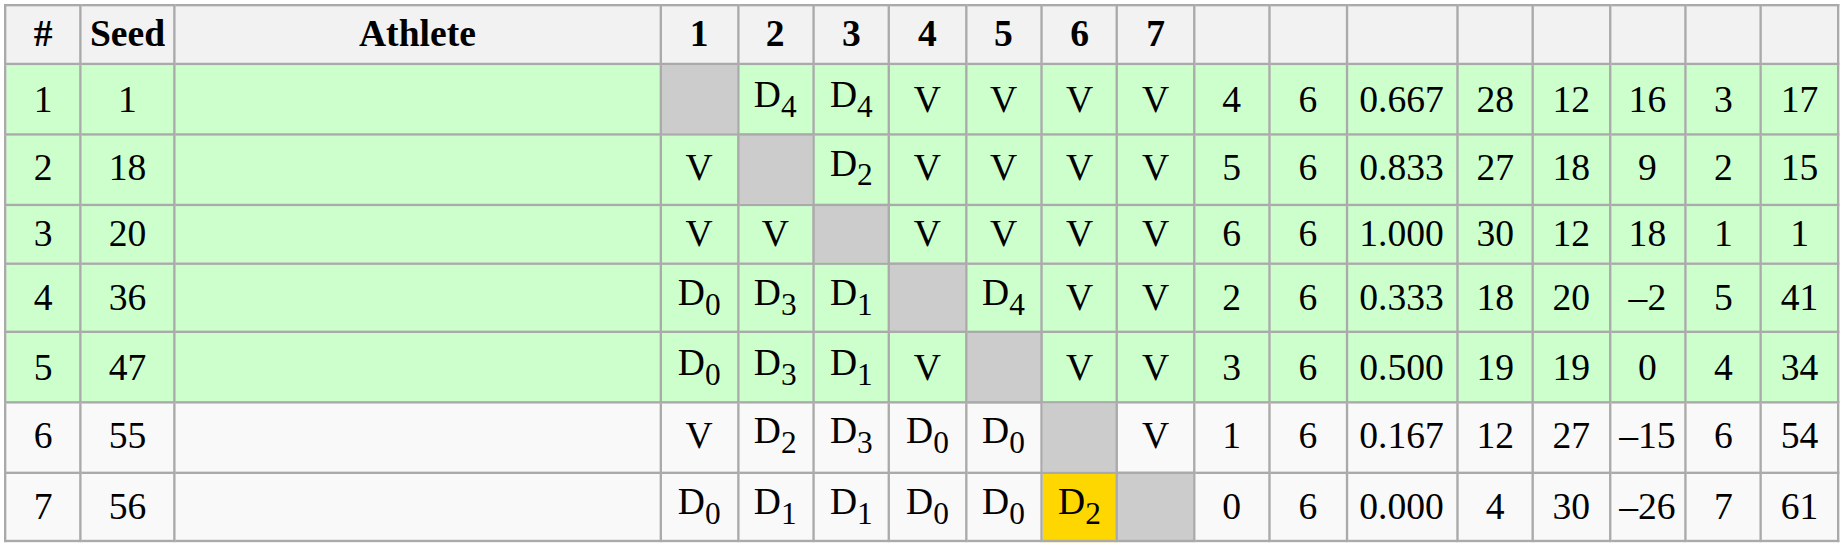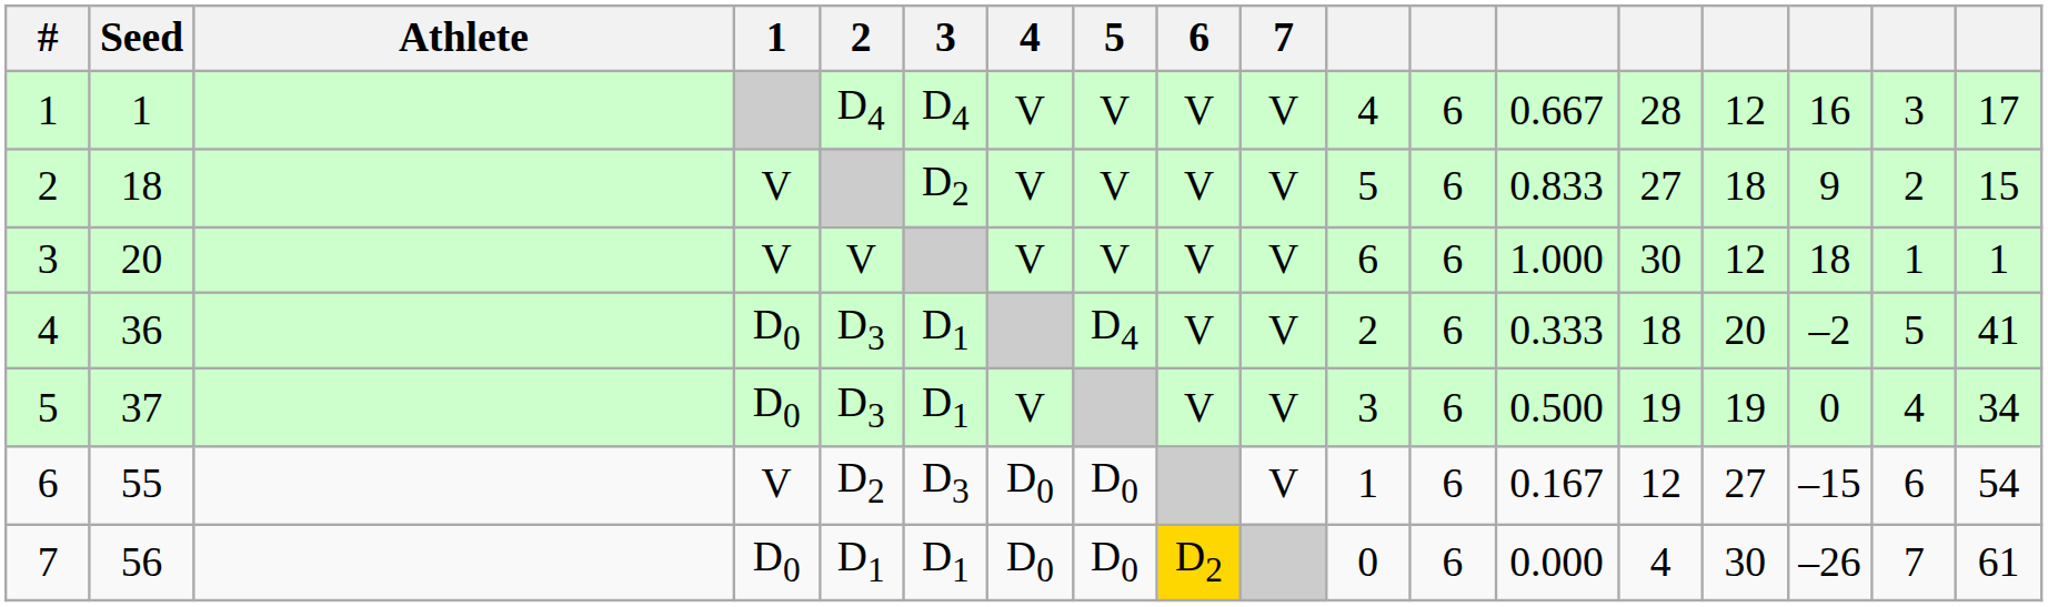 <table class="wikitable" style="text-align:center">
 <tr>
 <th width="25">#</th>
 <th width="25">Seed</th>
 <th width="200">Athlete</th>
 <th width="25">1</th>
 <th width="25">2</th>
 <th width="25">3</th>
 <th width="25">4</th>
 <th width="25">5</th>
 <th width="25">6</th>
 <th width="25">7</th>
 <th width="25"></th>
 <th width="25"></th>
 <th width="40"></th>
 <th width="25"></th>
 <th width="25"></th>
 <th width="25"></th>
 <th width="25"></th>
 <th width="25"></th>
 </tr>
 <tr bgcolor="#ccffcc">
 <td>1</td>
 <td>1</td>
 <td align=left></td>
 <td bgcolor="#cccccc"></td>
 <td>D<sub>4</sub></td>
 <td>D<sub>4</sub></td>
 <td>V</td>
 <td>V</td>
 <td>V</td>
 <td>V</td>
 <td>4</td>
 <td>6</td>
 <td>0.667</td>
 <td>28</td>
 <td>12</td>
 <td>16</td>
 <td>3</td>
 <td>17</td>
 </tr>
 <tr bgcolor="#ccffcc">
 <td>2</td>
 <td>18</td>
 <td align=left></td>
 <td>V</td>
 <td bgcolor="#cccccc"></td>
 <td>D<sub>2</sub></td>
 <td>V</td>
 <td>V</td>
 <td>V</td>
 <td>V</td>
 <td>5</td>
 <td>6</td>
 <td>0.833</td>
 <td>27</td>
 <td>18</td>
 <td>9</td>
 <td>2</td>
 <td>15</td>
 </tr>
 <tr bgcolor="#ccffcc">
 <td>3</td>
 <td>20</td>
 <td align=left></td>
 <td>V</td>
 <td>V</td>
 <td bgcolor="#cccccc"></td>
 <td>V</td>
 <td>V</td>
 <td>V</td>
 <td>V</td>
 <td>6</td>
 <td>6</td>
 <td>1.000</td>
 <td>30</td>
 <td>12</td>
 <td>18</td>
 <td>1</td>
 <td>1</td>
 </tr>
 <tr bgcolor="#ccffcc">
 <td>4</td>
 <td>36</td>
 <td align=left></td>
 <td>D<sub>0</sub></td>
 <td>D<sub>3</sub></td>
 <td>D<sub>1</sub></td>
 <td bgcolor="#cccccc"></td>
 <td>D<sub>4</sub></td>
 <td>V</td>
 <td>V</td>
 <td>2</td>
 <td>6</td>
 <td>0.333</td>
 <td>18</td>
 <td>20</td>
 <td>–2</td>
 <td>5</td>
 <td>41</td>
 </tr>
 <tr bgcolor="#ccffcc">
 <td>5</td>
-<td>47</td>
+<td>37</td>
 <td align=left></td>
 <td>D<sub>0</sub></td>
 <td>D<sub>3</sub></td>
 <td>D<sub>1</sub></td>
 <td>V</td>
 <td bgcolor="#cccccc"></td>
 <td>V</td>
 <td>V</td>
 <td>3</td>
 <td>6</td>
 <td>0.500</td>
 <td>19</td>
 <td>19</td>
 <td>0</td>
 <td>4</td>
 <td>34</td>
 </tr>
 <tr>
 <td>6</td>
 <td>55</td>
 <td align=left></td>
 <td>V</td>
 <td>D<sub>2</sub></td>
 <td>D<sub>3</sub></td>
 <td>D<sub>0</sub></td>
 <td>D<sub>0</sub></td>
 <td bgcolor="#cccccc"></td>
 <td>V</td>
 <td>1</td>
 <td>6</td>
 <td>0.167</td>
 <td>12</td>
 <td>27</td>
 <td>–15</td>
 <td>6</td>
 <td>54</td>
 </tr>
 <tr>
 <td>7</td>
 <td>56</td>
 <td align=left></td>
 <td>D<sub>0</sub></td>
 <td>D<sub>1</sub></td>
 <td>D<sub>1</sub></td>
 <td>D<sub>0</sub></td>
 <td>D<sub>0</sub></td>
 <td style="background: gold;">D<sub>2</sub></td>
 <td bgcolor="#cccccc"></td>
 <td>0</td>
 <td>6</td>
 <td>0.000</td>
 <td>4</td>
 <td>30</td>
 <td>–26</td>
 <td>7</td>
 <td>61</td>
 </tr>
 </table>
